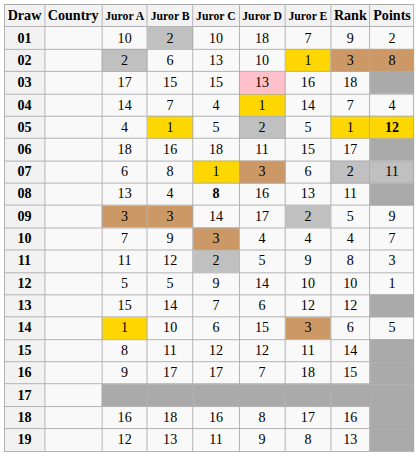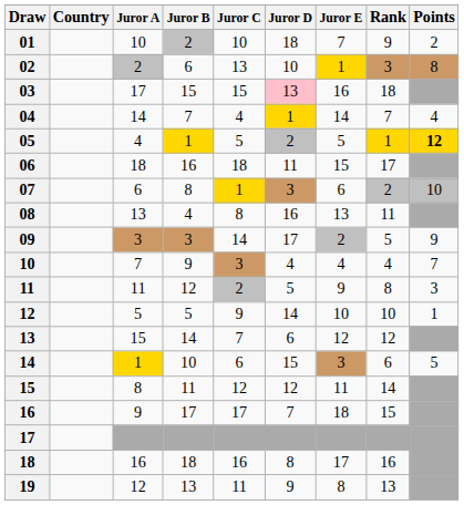 <table class="sortable wikitable collapsible plainrowheaders" style="text-align:center;">
 <tr>
 </tr>
 <tr>
 <th scope="col">Draw</th>
 <th scope="col">Country</th>
 <th scope="col"><small>Juror A</small></th>
 <th scope="col"><small>Juror B</small></th>
 <th scope="col"><small>Juror C</small></th>
 <th scope="col"><small>Juror D</small></th>
 <th scope="col"><small>Juror E</small></th>
 <th scope="col">Rank</th>
 <th scope="col">Points</th>
 </tr>
 <tr>
 <th scope="row" style="text-align:center;">01</th>
 <td style="text-align:left;"></td>
 <td>10</td>
 <td style="background:silver;">2</td>
 <td>10</td>
 <td>18</td>
 <td>7</td>
 <td>9</td>
 <td>2</td>
 </tr>
 <tr>
 <th scope="row" style="text-align:center;">02</th>
 <td style="text-align:left;"></td>
 <td style="background:silver;">2</td>
 <td>6</td>
 <td>13</td>
 <td>10</td>
 <td style="background:gold;">1</td>
 <td style="background:#CC9966;">3</td>
 <td style="background:#CC9966;">8</td>
 </tr>
 <tr>
 <th scope="row" style="text-align:center;">03</th>
 <td style="text-align:left;"></td>
 <td>17</td>
 <td>15</td>
 <td>15</td>
 <td style="background: pink;">13</td>
 <td>16</td>
 <td>18</td>
 <td style="background:#AAAAAA;"></td>
 </tr>
 <tr>
 <th scope="row" style="text-align:center;">04</th>
 <td style="text-align:left;"></td>
 <td>14</td>
 <td>7</td>
 <td>4</td>
 <td style="background:gold;">1</td>
 <td>14</td>
 <td>7</td>
 <td>4</td>
 </tr>
 <tr>
 <th scope="row" style="text-align:center;">05</th>
 <td style="text-align:left;"></td>
 <td>4</td>
 <td style="background:gold;">1</td>
 <td>5</td>
 <td style="background:silver;">2</td>
 <td>5</td>
 <td style="background:gold;">1</td>
 <td style="background:gold;"><strong>12</strong></td>
 </tr>
 <tr>
 <th scope="row" style="text-align:center;">06</th>
 <td style="text-align:left;"></td>
 <td>18</td>
 <td>16</td>
 <td>18</td>
 <td>11</td>
 <td>15</td>
 <td>17</td>
 <td style="background:#AAAAAA;"></td>
 </tr>
 <tr>
 <th scope="row" style="text-align:center;">07</th>
 <td style="text-align:left;"></td>
 <td>6</td>
 <td>8</td>
 <td style="background:gold;">1</td>
 <td style="background:#CC9966;">3</td>
 <td>6</td>
 <td style="background:silver;">2</td>
-<td style="background:silver;">11</td>
+<td style="background:silver;">10</td>
 </tr>
 <tr>
 <th scope="row" style="text-align:center;">08</th>
 <td style="text-align:left;"></td>
 <td>13</td>
 <td>4</td>
-<td><strong>8</strong></td>
+<td>8</td>
 <td>16</td>
 <td>13</td>
 <td>11</td>
 <td style="background:#AAAAAA;"></td>
 </tr>
 <tr>
 <th scope="row" style="text-align:center;">09</th>
 <td style="text-align:left;"></td>
 <td style="background:#CC9966;">3</td>
 <td style="background:#CC9966;">3</td>
 <td>14</td>
 <td>17</td>
 <td style="background:silver;">2</td>
 <td>5</td>
 <td>9</td>
 </tr>
 <tr>
 <th scope="row" style="text-align:center;">10</th>
 <td style="text-align:left;"></td>
 <td>7</td>
 <td>9</td>
 <td style="background:#CC9966;">3</td>
 <td>4</td>
 <td>4</td>
 <td>4</td>
 <td>7</td>
 </tr>
 <tr>
 <th scope="row" style="text-align:center;">11</th>
 <td style="text-align:left;"></td>
 <td>11</td>
 <td>12</td>
 <td style="background:silver;">2</td>
 <td>5</td>
 <td>9</td>
 <td>8</td>
 <td>3</td>
 </tr>
 <tr>
 <th scope="row" style="text-align:center;">12</th>
 <td style="text-align:left;"></td>
 <td>5</td>
 <td>5</td>
 <td>9</td>
 <td>14</td>
 <td>10</td>
 <td>10</td>
 <td>1</td>
 </tr>
 <tr>
 <th scope="row" style="text-align:center;">13</th>
 <td style="text-align:left;"></td>
 <td>15</td>
 <td>14</td>
 <td>7</td>
 <td>6</td>
 <td>12</td>
 <td>12</td>
 <td style="background:#AAAAAA;"></td>
 </tr>
 <tr>
 <th scope="row" style="text-align:center;">14</th>
 <td style="text-align:left;"></td>
 <td style="background:gold;">1</td>
 <td>10</td>
 <td>6</td>
 <td>15</td>
 <td style="background:#CC9966;">3</td>
 <td>6</td>
 <td>5</td>
 </tr>
 <tr>
 <th scope="row" style="text-align:center;">15</th>
 <td style="text-align:left;"></td>
 <td>8</td>
 <td>11</td>
 <td>12</td>
 <td>12</td>
 <td>11</td>
 <td>14</td>
 <td style="background:#AAAAAA;"></td>
 </tr>
 <tr>
 <th scope="row" style="text-align:center;">16</th>
 <td style="text-align:left;"></td>
 <td>9</td>
 <td>17</td>
 <td>17</td>
 <td>7</td>
 <td>18</td>
 <td>15</td>
 <td style="background:#AAAAAA;"></td>
 </tr>
 <tr class="sortbottom">
 <th scope="row" style="text-align:center;">17</th>
 <td style="text-align:left;"></td>
 <td style="background:#AAAAAA;"></td>
 <td style="background:#AAAAAA;"></td>
 <td style="background:#AAAAAA;"></td>
 <td style="background:#AAAAAA;"></td>
 <td style="background:#AAAAAA;"></td>
 <td style="background:#AAAAAA;"></td>
 <td style="background:#AAAAAA;"></td>
 </tr>
 <tr>
 <th scope="row" style="text-align:center;">18</th>
 <td style="text-align:left;"></td>
 <td>16</td>
 <td>18</td>
 <td>16</td>
 <td>8</td>
 <td>17</td>
 <td>16</td>
 <td style="background:#AAAAAA;"></td>
 </tr>
 <tr>
 <th scope="row" style="text-align:center;">19</th>
 <td style="text-align:left;"></td>
 <td>12</td>
 <td>13</td>
 <td>11</td>
 <td>9</td>
 <td>8</td>
 <td>13</td>
 <td style="background:#AAAAAA;"></td>
 </tr>
 </table>
